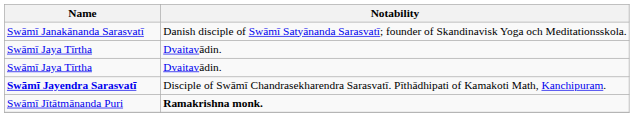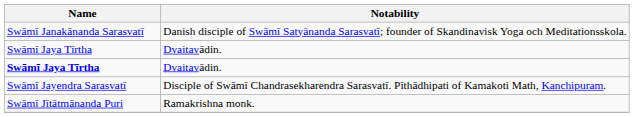 <table class="wikitable">
 <tr>
 <th width=25%>Name</th>
 <th>Notability</th>
 </tr>
 <tr>
 <td><a href='#'>Swāmī Janakānanda Sarasvatī</a></td>
 <td>Danish disciple of <a href='#'>Swāmī Satyānanda Sarasvatī</a>; founder of Skandinavisk Yoga och Meditationsskola.</td>
 </tr>
 <tr>
 <td><a href='#'>Swāmī Jaya Tīrtha</a></td>
 <td><a href='#'>Dvaitav</a>ādin.</td>
 </tr>
 <tr>
-<td><a href='#'>Swāmī Jaya Tīrtha</a></td>
+<td><strong><a href='#'>Swāmī Jaya Tīrtha</a></strong></td>
 <td><a href='#'>Dvaitav</a>ādin.</td>
 </tr>
 <tr>
-<td><strong><a href='#'>Swāmī Jayendra Sarasvatī</a></strong></td>
+<td><a href='#'>Swāmī Jayendra Sarasvatī</a></td>
 <td>Disciple of Swāmī Chandrasekharendra Sarasvatī. Pīthādhipati of Kamakoti Math, <a href='#'>Kanchipuram</a>.</td>
 </tr>
 <tr>
 <td><a href='#'>Swāmī Jītātmānanda Puri</a></td>
-<td><strong>Ramakrishna monk.</strong></td>
+<td>Ramakrishna monk.</td>
 </tr>
 <tr>
 </tr>
 </table>
